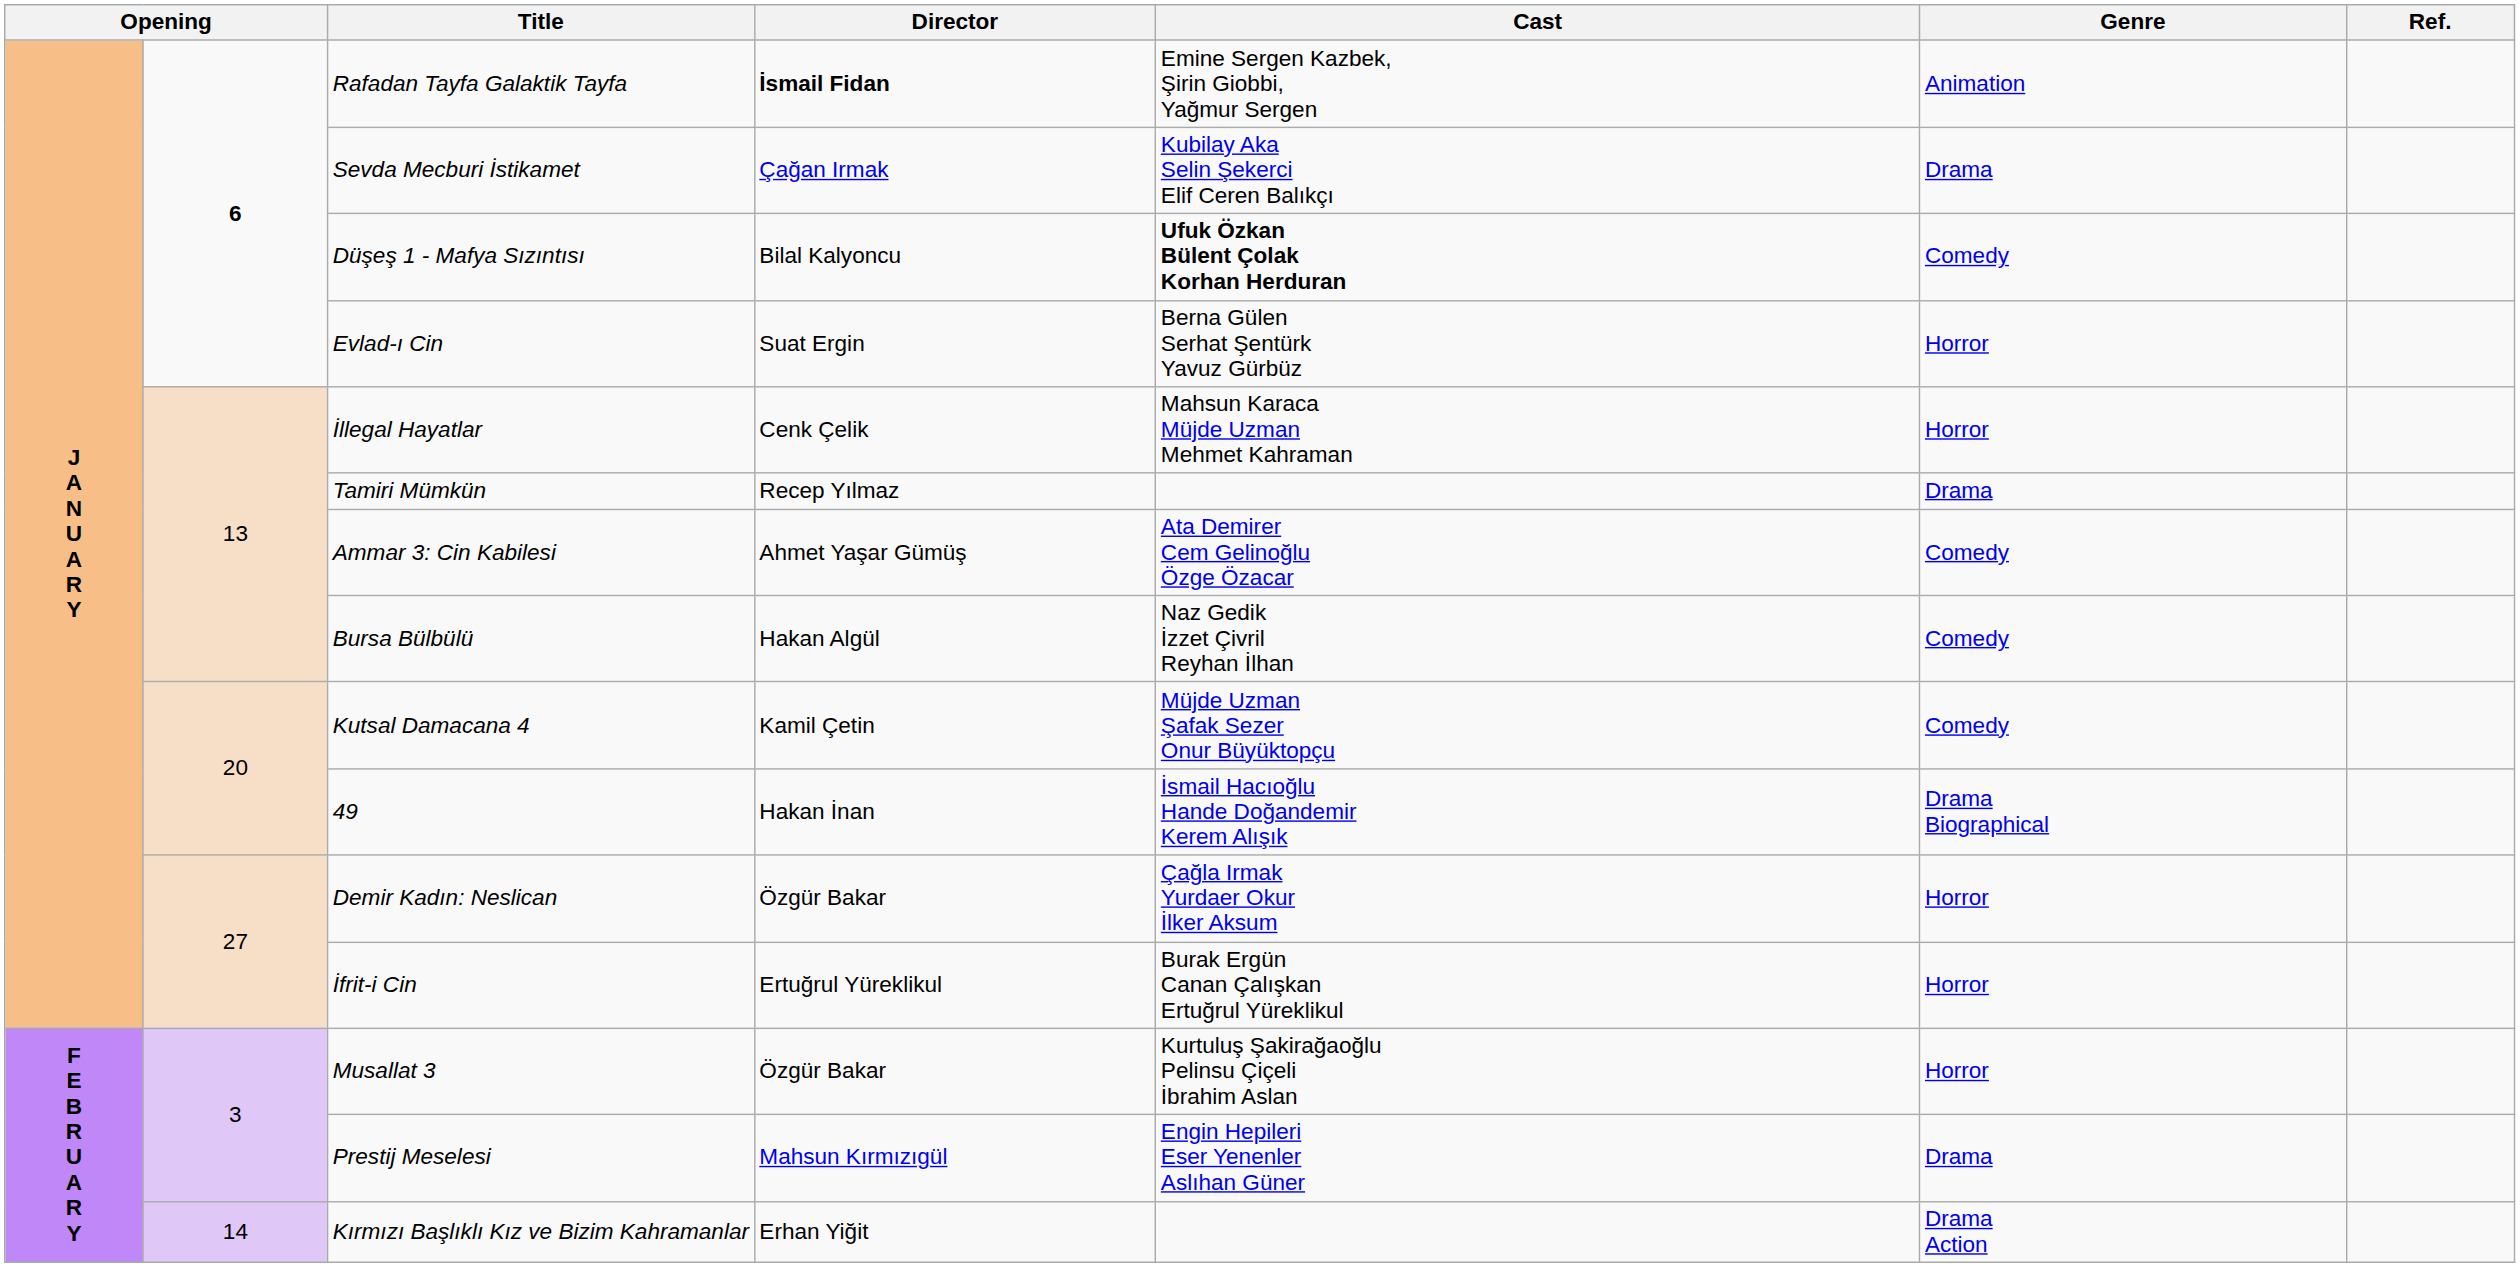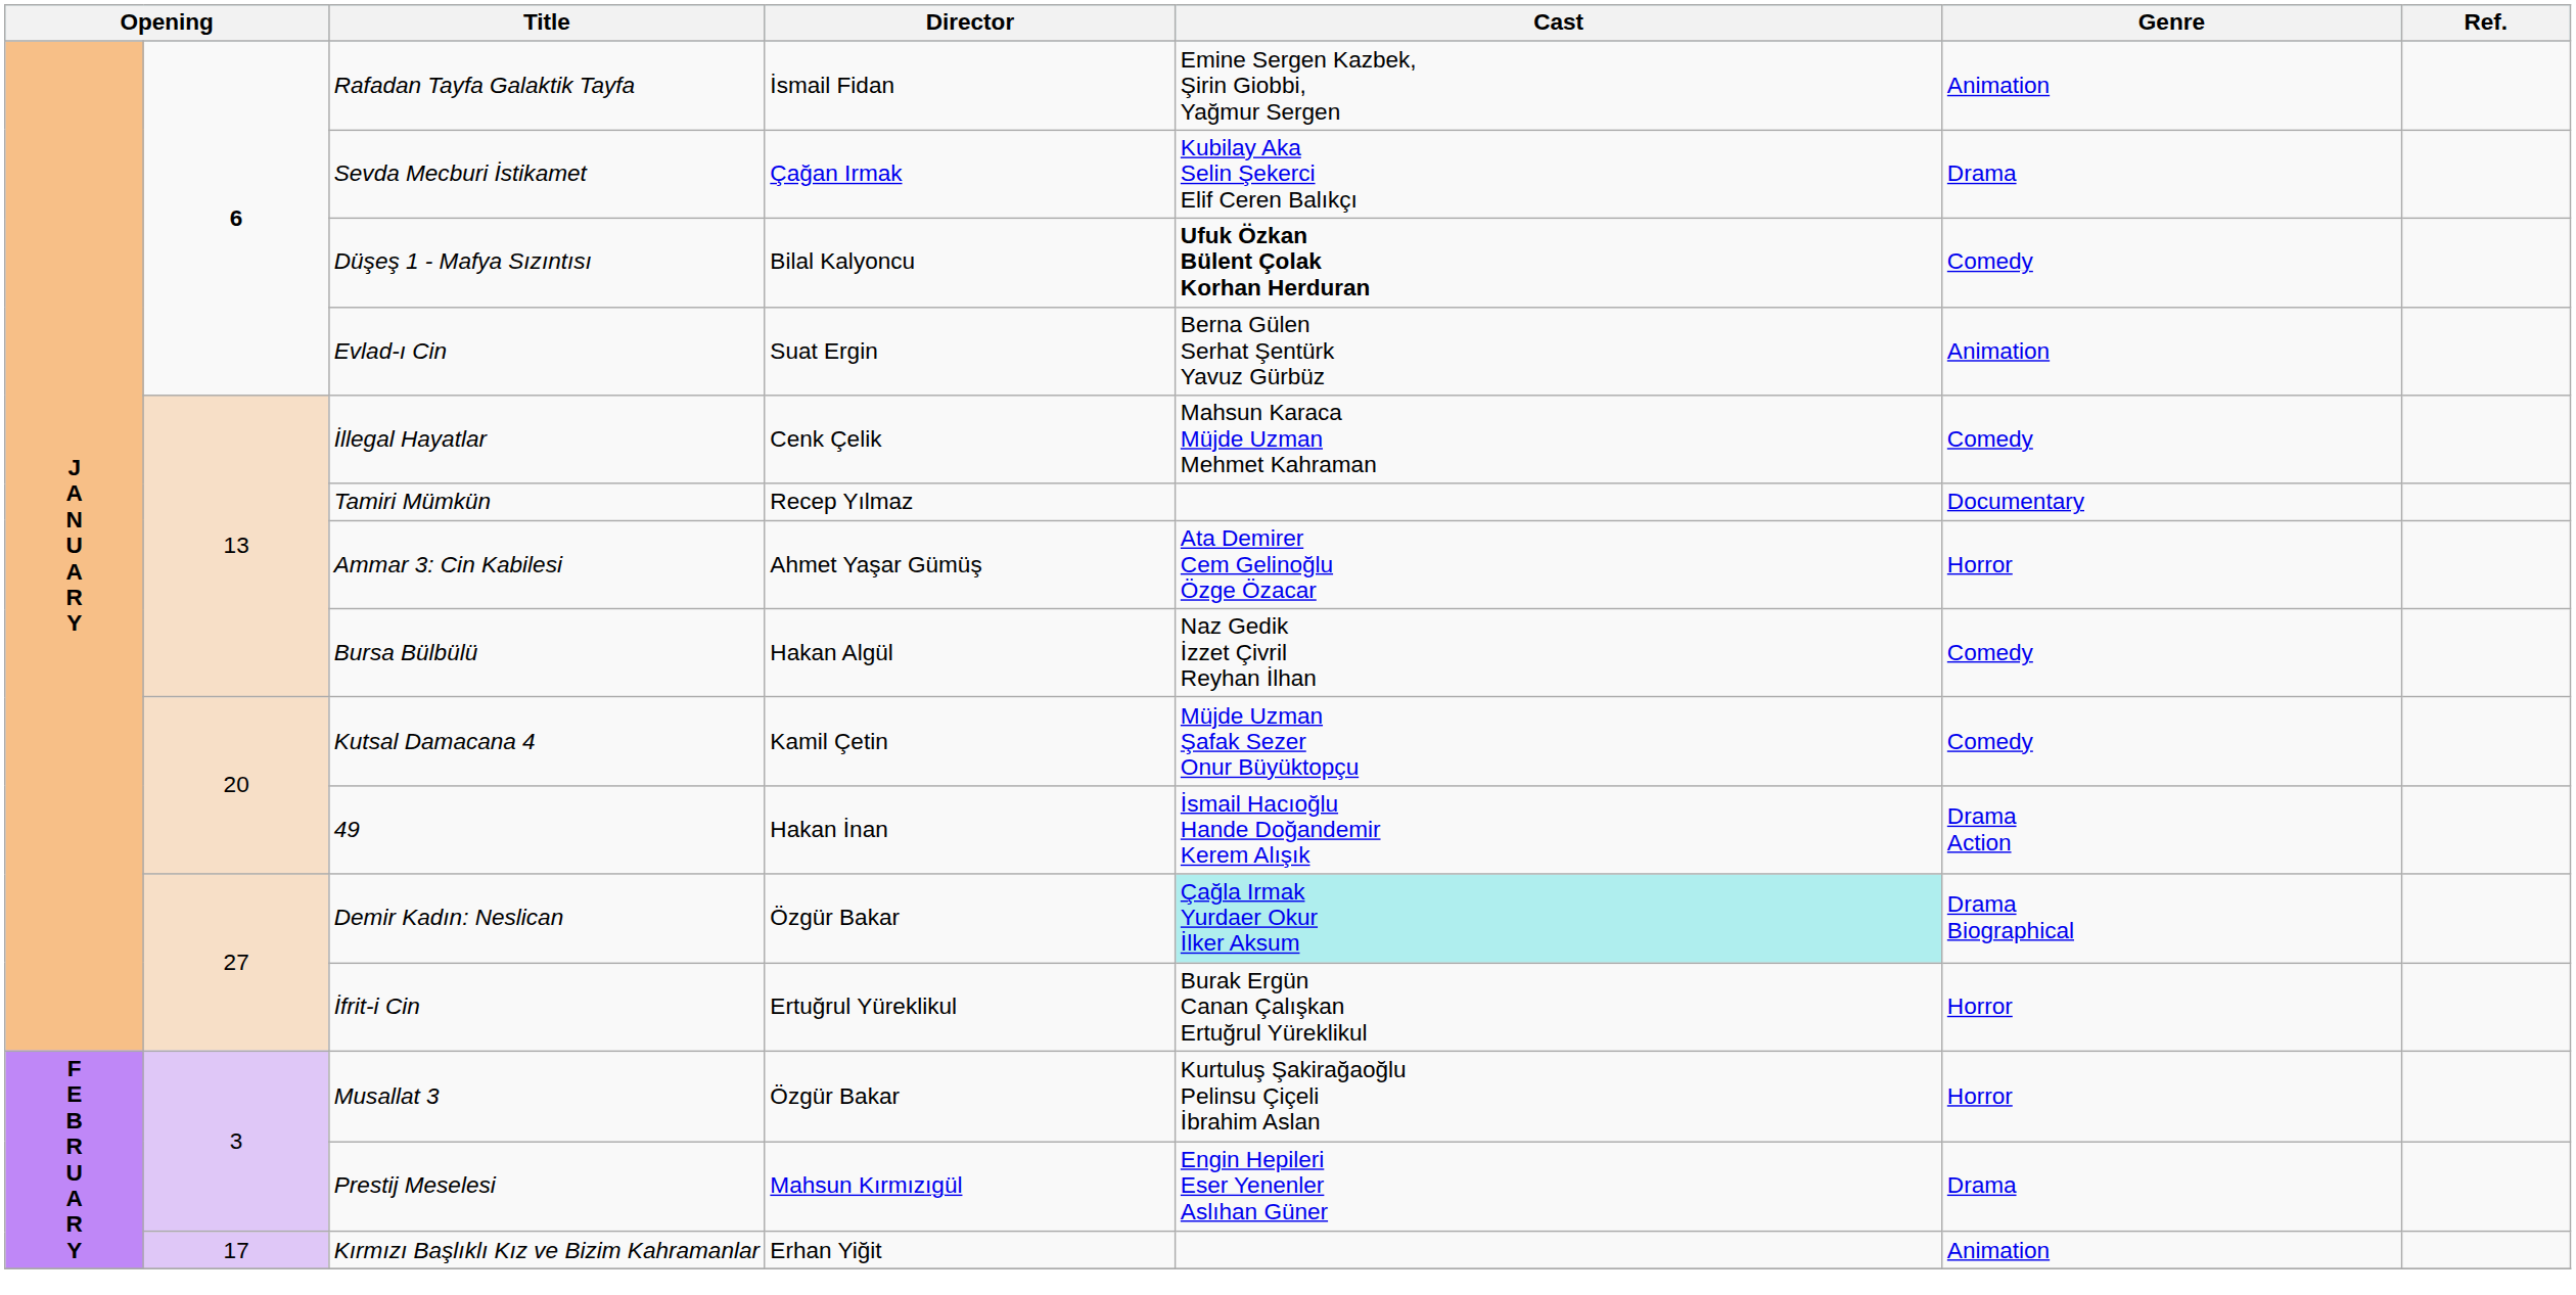 <table class="wikitable sortable">
 <tr style="background:#b0e0e6; text-align:center;">
 <th colspan="2">Opening</th>
 <th style="width:17%;">Title</th>
 <th style="width:16%;">Director</th>
 <th>Cast</th>
 <th>Genre</th>
 <th>Ref.</th>
 </tr>
 <tr>
 <th rowspan="12" style="text-align:center; background:#f7bf87; ">J<br>A<br>N<br>U<br>A<br>R<br>Y</th>
 <td rowspan="4" style="text-align:center" style="text-align:center; background:#f7dfc7"><strong>6</strong></td>
 <td><em>Rafadan Tayfa Galaktik Tayfa</em></td>
-<td><strong>İsmail Fidan</strong></td>
+<td>İsmail Fidan</td>
 <td>Emine Sergen Kazbek, <br> Şirin Giobbi, <br> Yağmur Sergen</td>
 <td><a href='#'>Animation</a></td>
 <td></td>
 </tr>
 <tr>
 <td><em>Sevda Mecburi İstikamet</em></td>
 <td><a href='#'>Çağan Irmak</a></td>
 <td><a href='#'>Kubilay Aka</a> <br> <a href='#'>Selin Şekerci</a> <br> Elif Ceren Balıkçı</td>
 <td><a href='#'>Drama</a></td>
 <td></td>
 </tr>
 <tr>
 <td><em>Düşeş 1 - Mafya Sızıntısı</em></td>
 <td>Bilal Kalyoncu</td>
 <td><strong>Ufuk Özkan <br> Bülent Çolak <br> Korhan Herduran</strong></td>
 <td><a href='#'>Comedy</a></td>
 <td></td>
 </tr>
 <tr>
 <td><em>Evlad-ı Cin</em></td>
 <td>Suat Ergin</td>
 <td>Berna Gülen <br> Serhat Şentürk <br> Yavuz Gürbüz</td>
-<td><a href='#'>Horror</a></td>
+<td><a href='#'>Animation</a></td>
 <td></td>
 </tr>
 <tr>
 <td rowspan=4 style="text-align:center; background:#f7dfc7; textcolor:#000;">13</td>
 <td><em>İllegal Hayatlar</em></td>
 <td>Cenk Çelik</td>
 <td>Mahsun Karaca <br> <a href='#'>Müjde Uzman</a> <br> Mehmet Kahraman</td>
-<td><a href='#'>Horror</a></td>
+<td><a href='#'>Comedy</a></td>
 <td></td>
 </tr>
 <tr>
 <td><em>Tamiri Mümkün</em></td>
 <td>Recep Yılmaz</td>
 <td></td>
-<td><a href='#'>Drama</a></td>
+<td><a href='#'>Documentary</a></td>
 <td></td>
 </tr>
 <tr>
 <td><em>Ammar 3: Cin Kabilesi</em></td>
 <td>Ahmet Yaşar Gümüş</td>
 <td><a href='#'>Ata Demirer</a> <br> <a href='#'>Cem Gelinoğlu</a> <br> <a href='#'>Özge Özacar</a></td>
-<td><a href='#'>Comedy</a></td>
+<td><a href='#'>Horror</a></td>
 <td></td>
 </tr>
 <tr>
 <td><em>Bursa Bülbülü</em></td>
 <td>Hakan Algül</td>
 <td>Naz Gedik <br> İzzet Çivril <br> Reyhan İlhan</td>
 <td><a href='#'>Comedy</a></td>
 <td></td>
 </tr>
 <tr>
 <td rowspan=2 style="text-align:center; background:#f7dfc7; textcolor:#000;">20</td>
 <td><em>Kutsal Damacana 4</em></td>
 <td>Kamil Çetin</td>
 <td><a href='#'>Müjde Uzman</a> <br> <a href='#'>Şafak Sezer</a> <br> <a href='#'>Onur Büyüktopçu</a></td>
 <td><a href='#'>Comedy</a></td>
 <td></td>
 </tr>
 <tr>
 <td><em>49</em></td>
 <td>Hakan İnan</td>
 <td><a href='#'>İsmail Hacıoğlu</a> <br> <a href='#'>Hande Doğandemir</a> <br> <a href='#'>Kerem Alışık</a></td>
-<td><a href='#'>Drama</a><br><a href='#'>Biographical</a></td>
+<td><a href='#'>Drama</a> <br> <a href='#'>Action</a></td>
 <td></td>
 </tr>
 <tr>
 <td rowspan=2 style="text-align:center; background:#f7dfc7; textcolor:#000;">27</td>
 <td><em>Demir Kadın: Neslican</em></td>
 <td>Özgür Bakar</td>
-<td><a href='#'>Çağla Irmak</a> <br> <a href='#'>Yurdaer Okur</a> <br> <a href='#'>İlker Aksum</a></td>
-<td><a href='#'>Horror</a></td>
+<td style="background: paleturquoise;"><a href='#'>Çağla Irmak</a> <br> <a href='#'>Yurdaer Okur</a> <br> <a href='#'>İlker Aksum</a></td>
+<td><a href='#'>Drama</a><br><a href='#'>Biographical</a></td>
 <td></td>
 </tr>
 <tr>
 <td><em>İfrit-i Cin</em></td>
 <td>Ertuğrul Yüreklikul</td>
 <td>Burak Ergün <br> Canan Çalışkan <br> Ertuğrul Yüreklikul</td>
 <td><a href='#'>Horror</a></td>
 <td></td>
 </tr>
 <tr>
 <th rowspan="3" style="text-align:center; background:#bf87f7; textcolor:#000;">F<br>E<br>B<br>R<br>U<br>A<br>R<br>Y</th>
 <td rowspan="2" style="text-align:center;background:#dfc7f7">3</td>
 <td><em>Musallat 3</em></td>
 <td>Özgür Bakar</td>
 <td>Kurtuluş Şakirağaoğlu <br> Pelinsu Çiçeli <br> İbrahim Aslan</td>
 <td><a href='#'>Horror</a></td>
 <td></td>
 </tr>
 <tr>
 <td><em>Prestij Meselesi</em></td>
 <td><a href='#'>Mahsun Kırmızıgül</a></td>
 <td><a href='#'>Engin Hepileri</a> <br> <a href='#'>Eser Yenenler</a> <br> <a href='#'>Aslıhan Güner</a></td>
 <td><a href='#'>Drama</a></td>
 <td></td>
 </tr>
 <tr>
-<td rowspan="1" style="text-align:center;background:#dfc7f7">14</td>
+<td rowspan="1" style="text-align:center;background:#dfc7f7">17</td>
 <td><em>Kırmızı Başlıklı Kız ve Bizim Kahramanlar</em></td>
 <td>Erhan Yiğit</td>
 <td></td>
-<td><a href='#'>Drama</a> <br> <a href='#'>Action</a></td>
+<td><a href='#'>Animation</a></td>
 <td></td>
 </tr>
 <tr>
 </tr>
 </table>
